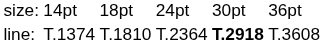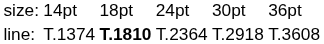 <table style="margin-left:40px;">
 <tr>
 <td>size:</td>
 <td>14pt</td>
 <td>18pt</td>
 <td>24pt</td>
 <td>30pt</td>
 <td>36pt</td>
 </tr>
 <tr>
 <td>line:</td>
 <td>T.1374</td>
-<td>T.1810</td>
+<td><strong>T.1810</strong></td>
 <td>T.2364</td>
-<td><strong>T.2918</strong></td>
+<td>T.2918</td>
 <td>T.3608</td>
 </tr>
 </table>
